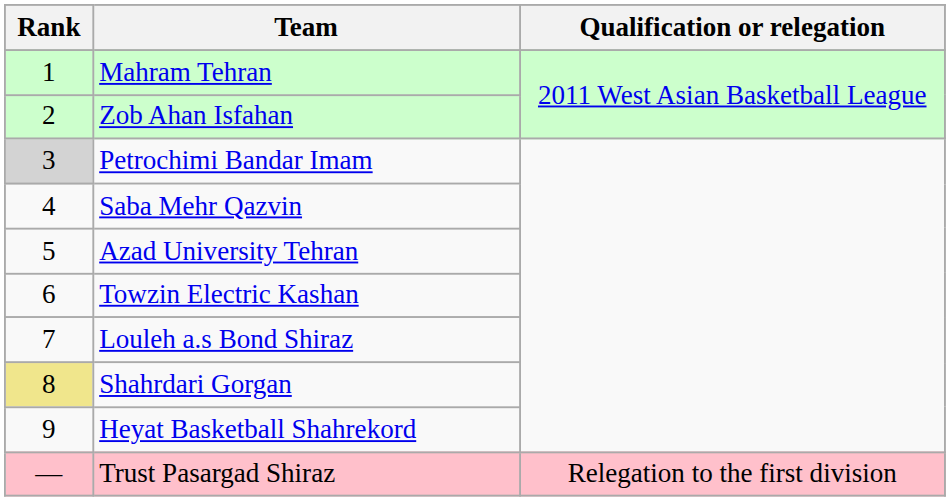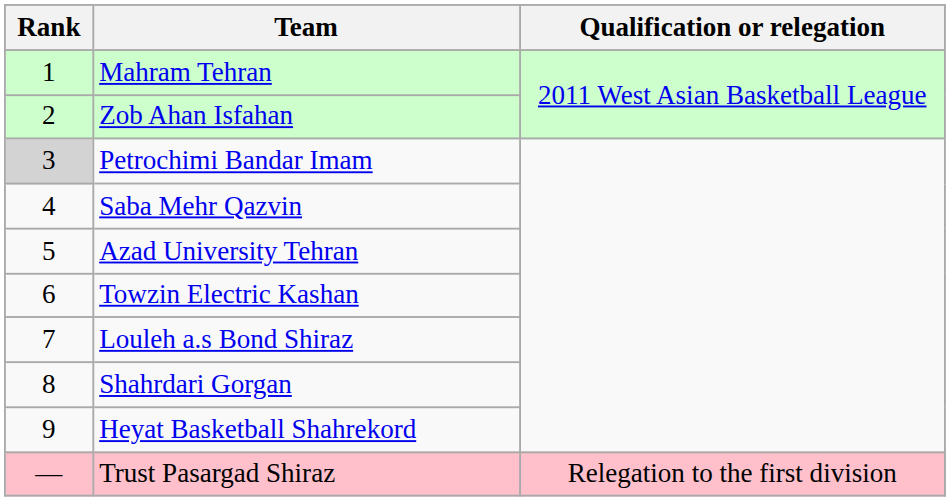 <table class="wikitable" style="text-align:center; font-size:90%">
 <tr>
 <th width=40>Rank</th>
 <th width=220>Team</th>
 <th width=220>Qualification or relegation</th>
 </tr>
 <tr bgcolor=ccffcc>
 <td>1</td>
 <td align="left"><a href='#'>Mahram Tehran</a></td>
 <td rowspan=2><a href='#'>2011 West Asian Basketball League</a></td>
 </tr>
 <tr bgcolor=ccffcc>
 <td>2</td>
 <td align="left"><a href='#'>Zob Ahan Isfahan</a></td>
 </tr>
 <tr>
 <td style="background: lightgrey;">3</td>
 <td align="left"><a href='#'>Petrochimi Bandar Imam</a></td>
 <td rowspan=7></td>
 </tr>
 <tr>
 <td>4</td>
 <td align="left"><a href='#'>Saba Mehr Qazvin</a></td>
 </tr>
 <tr>
 <td>5</td>
 <td align="left"><a href='#'>Azad University Tehran</a></td>
 </tr>
 <tr>
 <td>6</td>
 <td align="left"><a href='#'>Towzin Electric Kashan</a></td>
 </tr>
 <tr>
 <td>7</td>
 <td align="left"><a href='#'>Louleh a.s Bond Shiraz</a></td>
 </tr>
 <tr>
-<td style="background: khaki;">8</td>
+<td>8</td>
 <td align="left"><a href='#'>Shahrdari Gorgan</a></td>
 </tr>
 <tr>
 <td>9</td>
 <td align="left"><a href='#'>Heyat Basketball Shahrekord</a></td>
 </tr>
 <tr bgcolor=pink>
 <td>—</td>
 <td align="left">Trust Pasargad Shiraz</td>
 <td>Relegation to the first division</td>
 </tr>
 </table>
